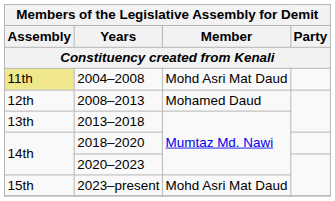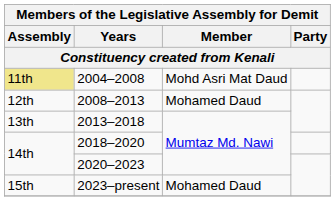 <table class="wikitable">
 <tr>
 <th colspan="4">Members of the Legislative Assembly for Demit</th>
 </tr>
 <tr>
 <th>Assembly</th>
 <th>Years</th>
 <th>Member</th>
 <th>Party</th>
 </tr>
 <tr>
 <th colspan="4" align="center"><em>Constituency created from Kenali</em></th>
 </tr>
 <tr>
 <td style="background: khaki;">11th</td>
 <td>2004–2008</td>
 <td>Mohd Asri Mat Daud</td>
 <td></td>
 </tr>
 <tr>
 <td>12th</td>
 <td>2008–2013</td>
 <td>Mohamed Daud</td>
 <td rowspan="2"></td>
 </tr>
 <tr>
 <td>13th</td>
 <td>2013–2018</td>
 <td rowspan="3"><a href='#'>Mumtaz Md. Nawi</a></td>
 </tr>
 <tr>
 <td rowspan="2">14th</td>
 <td>2018–2020</td>
 <td></td>
 </tr>
 <tr>
 <td>2020–2023</td>
 <td rowspan="2"></td>
 </tr>
 <tr>
 <td>15th</td>
 <td>2023–present</td>
-<td>Mohd Asri Mat Daud</td>
+<td>Mohamed Daud</td>
 </tr>
 <tr>
 </tr>
 </table>
